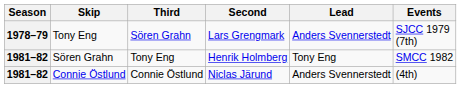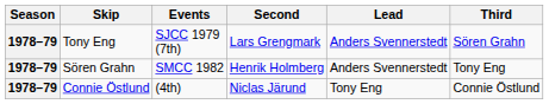 <table class="wikitable">
 <tr>
 <th scope="col">Season</th>
 <th scope="col">Skip</th>
-<th scope="col">Third</th>
+<th scope="col">Events</th>
 <th scope="col">Second</th>
 <th scope="col">Lead</th>
-<th scope="col">Events</th>
+<th scope="col">Third</th>
 </tr>
 <tr>
 <th scope="row">1978–79</th>
 <td>Tony Eng</td>
-<td><a href='#'>Sören Grahn</a></td>
+<td><a href='#'>SJCC</a> 1979 <br> (7th)</td>
 <td><a href='#'>Lars Grengmark</a></td>
 <td><a href='#'>Anders Svennerstedt</a></td>
-<td><a href='#'>SJCC</a> 1979 <br> (7th)</td>
+<td><a href='#'>Sören Grahn</a></td>
 </tr>
 <tr>
-<th scope="row">1981–82</th>
+<th scope="row">1978–79</th>
 <td>Sören Grahn</td>
+<td><a href='#'>SMCC</a> 1982 </td>
+<td><a href='#'>Henrik Holmberg</a></td>
+<td>Anders Svennerstedt</td>
 <td>Tony Eng</td>
-<td><a href='#'>Henrik Holmberg</a></td>
-<td>Tony Eng</td>
-<td><a href='#'>SMCC</a> 1982 </td>
 </tr>
 <tr>
-<th scope="row">1981–82</th>
+<th scope="row">1978–79</th>
 <td><a href='#'>Connie Östlund</a></td>
+<td> (4th)</td>
+<td><a href='#'>Niclas Järund</a></td>
+<td>Tony Eng</td>
 <td>Connie Östlund</td>
-<td><a href='#'>Niclas Järund</a></td>
-<td>Anders Svennerstedt</td>
-<td> (4th)</td>
 </tr>
 </table>
